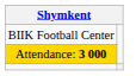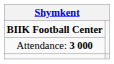 <table class="wikitable" style="text-align:center;">
 <tr>
 <th colspan="4" align="center"><a href='#'>Shymkent</a></th>
 </tr>
 <tr>
-<td>BIIK Football Center</td>
+<td><strong>BIIK Football Center</strong></td>
 </tr>
 <tr>
-<td style="background: gold;">Attendance: <strong>3 000</strong></td>
+<td>Attendance: <strong>3 000</strong></td>
 </tr>
 <tr>
 <td></td>
 <th rowspan=8 colspan=2></th>
 </tr>
 </table>
